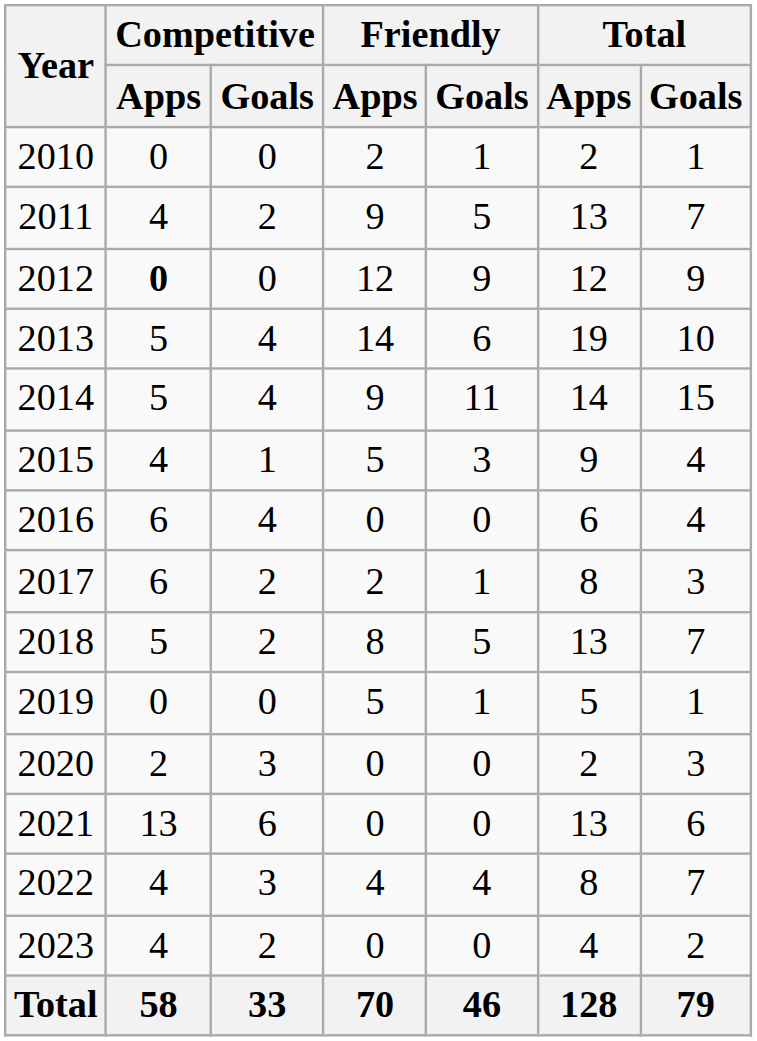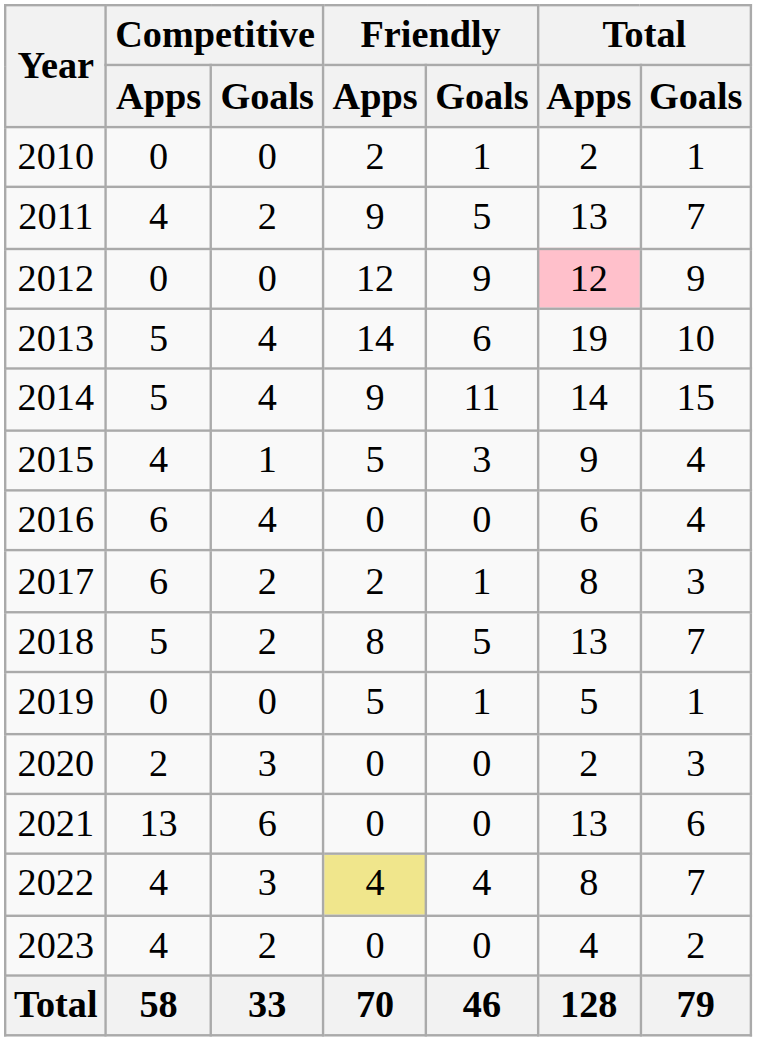 <table class="wikitable" style="text-align:center">
 <tr>
 <th rowspan="2">Year</th>
 <th colspan="2">Competitive</th>
 <th colspan="2">Friendly</th>
 <th colspan="2">Total</th>
 </tr>
 <tr>
 <th>Apps</th>
 <th>Goals</th>
 <th>Apps</th>
 <th>Goals</th>
 <th>Apps</th>
 <th>Goals</th>
 </tr>
 <tr>
 <td>2010</td>
 <td>0</td>
 <td>0</td>
 <td>2</td>
 <td>1</td>
 <td>2</td>
 <td>1</td>
 </tr>
 <tr>
 <td>2011</td>
 <td>4</td>
 <td>2</td>
 <td>9</td>
 <td>5</td>
 <td>13</td>
 <td>7</td>
 </tr>
 <tr>
 <td>2012</td>
-<td><strong>0</strong></td>
+<td>0</td>
 <td>0</td>
 <td>12</td>
 <td>9</td>
-<td>12</td>
+<td style="background: pink;">12</td>
 <td>9</td>
 </tr>
 <tr>
 <td>2013</td>
 <td>5</td>
 <td>4</td>
 <td>14</td>
 <td>6</td>
 <td>19</td>
 <td>10</td>
 </tr>
 <tr>
 <td>2014</td>
 <td>5</td>
 <td>4</td>
 <td>9</td>
 <td>11</td>
 <td>14</td>
 <td>15</td>
 </tr>
 <tr>
 <td>2015</td>
 <td>4</td>
 <td>1</td>
 <td>5</td>
 <td>3</td>
 <td>9</td>
 <td>4</td>
 </tr>
 <tr>
 <td>2016</td>
 <td>6</td>
 <td>4</td>
 <td>0</td>
 <td>0</td>
 <td>6</td>
 <td>4</td>
 </tr>
 <tr>
 <td>2017</td>
 <td>6</td>
 <td>2</td>
 <td>2</td>
 <td>1</td>
 <td>8</td>
 <td>3</td>
 </tr>
 <tr>
 <td>2018</td>
 <td>5</td>
 <td>2</td>
 <td>8</td>
 <td>5</td>
 <td>13</td>
 <td>7</td>
 </tr>
 <tr>
 <td>2019</td>
 <td>0</td>
 <td>0</td>
 <td>5</td>
 <td>1</td>
 <td>5</td>
 <td>1</td>
 </tr>
 <tr>
 <td>2020</td>
 <td>2</td>
 <td>3</td>
 <td>0</td>
 <td>0</td>
 <td>2</td>
 <td>3</td>
 </tr>
 <tr>
 <td>2021</td>
 <td>13</td>
 <td>6</td>
 <td>0</td>
 <td>0</td>
 <td>13</td>
 <td>6</td>
 </tr>
 <tr>
 <td>2022</td>
 <td>4</td>
 <td>3</td>
-<td>4</td>
+<td style="background: khaki;">4</td>
 <td>4</td>
 <td>8</td>
 <td>7</td>
 </tr>
 <tr>
 <td>2023</td>
 <td>4</td>
 <td>2</td>
 <td>0</td>
 <td>0</td>
 <td>4</td>
 <td>2</td>
 </tr>
 <tr>
 <th>Total</th>
 <th>58</th>
 <th>33</th>
 <th>70</th>
 <th>46</th>
 <th>128</th>
 <th>79</th>
 </tr>
 </table>
